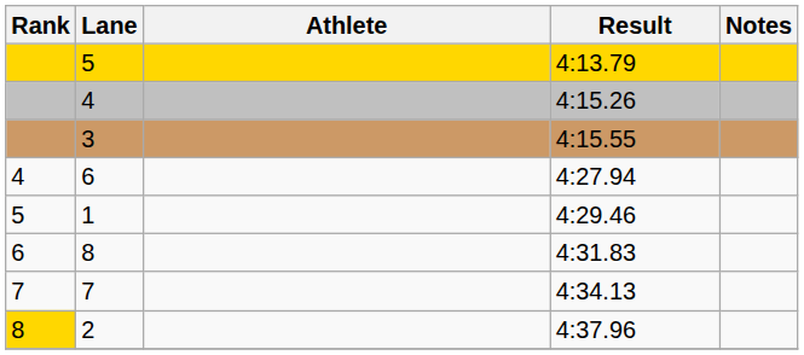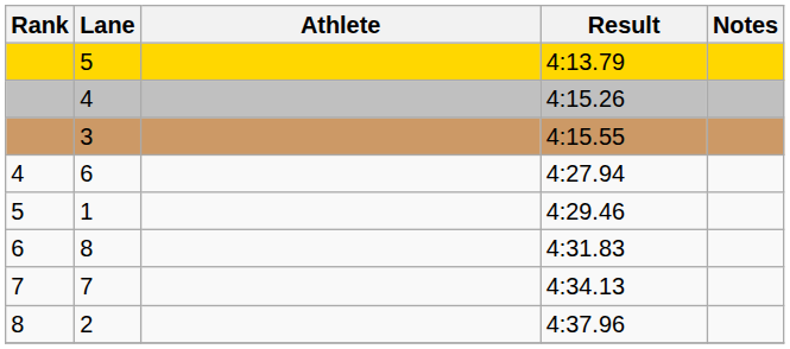 <table class="wikitable" style="font-size:95%" style="width:35em;" style="text-align:center">
 <tr>
 <th>Rank</th>
 <th>Lane</th>
 <th width=250>Athlete</th>
 <th width=100>Result</th>
 <th>Notes</th>
 </tr>
 <tr bgcolor=gold>
 <td></td>
 <td>5</td>
 <td align=left></td>
 <td>4:13.79</td>
 <td></td>
 </tr>
 <tr bgcolor=silver>
 <td></td>
 <td>4</td>
 <td align=left></td>
 <td>4:15.26</td>
 <td></td>
 </tr>
 <tr bgcolor=cc9966>
 <td></td>
 <td>3</td>
 <td align=left></td>
 <td>4:15.55</td>
 <td></td>
 </tr>
 <tr>
 <td>4</td>
 <td>6</td>
 <td align=left></td>
 <td>4:27.94</td>
 <td></td>
 </tr>
 <tr>
 <td>5</td>
 <td>1</td>
 <td align=left></td>
 <td>4:29.46</td>
 <td></td>
 </tr>
 <tr>
 <td>6</td>
 <td>8</td>
 <td align=left></td>
 <td>4:31.83</td>
 <td></td>
 </tr>
 <tr>
 <td>7</td>
 <td>7</td>
 <td align=left></td>
 <td>4:34.13</td>
 <td></td>
 </tr>
 <tr>
-<td style="background: gold;">8</td>
+<td>8</td>
 <td>2</td>
 <td align=left></td>
 <td>4:37.96</td>
 <td></td>
 </tr>
 <tr>
 </tr>
 </table>
